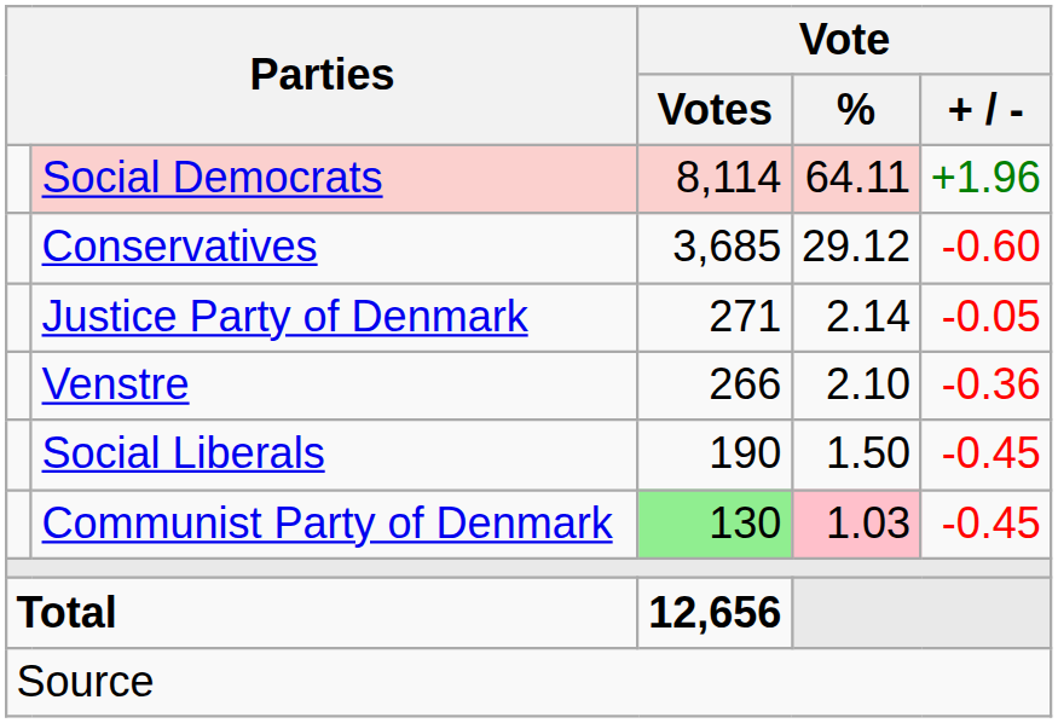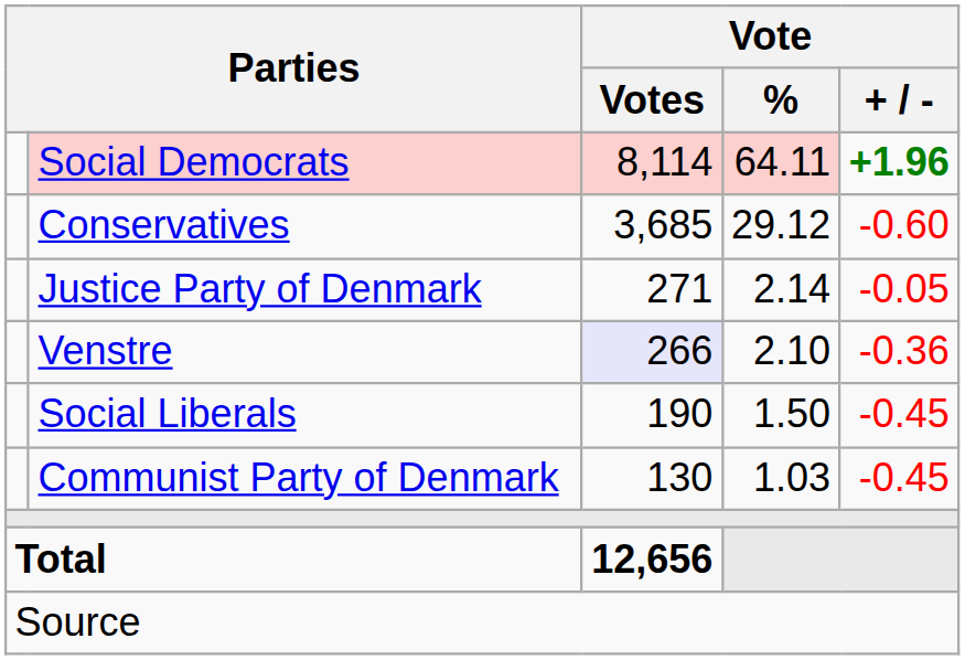 <table class="wikitable" style="text-align:right;">
 <tr>
 <th style="text-align:centre;" rowspan="2" colspan="2" width="225">Parties</th>
 <th colspan="3">Vote</th>
 </tr>
 <tr>
 <th width="15">Votes</th>
 <th width="15">%</th>
 <th width="15">+ / -</th>
 </tr>
 <tr>
 <td width="2" style="color:inherit;background:"></td>
 <td bgcolor=#fbd0ce  align="left"><a href='#'>Social Democrats</a></td>
 <td bgcolor=#fbd0ce>8,114</td>
 <td bgcolor=#fbd0ce>64.11</td>
-<td style=color:green;>+1.96</td>
+<td style=color:green;><strong>+1.96</strong></td>
 </tr>
 <tr>
 <td width="2" style="color:inherit;background:"></td>
 <td align="left"><a href='#'>Conservatives</a></td>
 <td>3,685</td>
 <td>29.12</td>
 <td style=color:red;>-0.60</td>
 </tr>
 <tr>
 <td width="2" style="color:inherit;background:"></td>
 <td align="left"><a href='#'>Justice Party of Denmark</a></td>
 <td>271</td>
 <td>2.14</td>
 <td style=color:red;>-0.05</td>
 </tr>
 <tr>
 <td width="2" style="color:inherit;background:"></td>
 <td align="left"><a href='#'>Venstre</a></td>
-<td>266</td>
+<td style="background: lavender;">266</td>
 <td>2.10</td>
 <td style=color:red;>-0.36</td>
 </tr>
 <tr>
 <td width="2" style="color:inherit;background:"></td>
 <td align="left"><a href='#'>Social Liberals</a></td>
 <td>190</td>
 <td>1.50</td>
 <td style=color:red;>-0.45</td>
 </tr>
 <tr>
 <td width="2" style="color:inherit;background:"></td>
 <td align="left"><a href='#'>Communist Party of Denmark</a></td>
-<td style="background: lightgreen;">130</td>
-<td style="background: pink;">1.03</td>
+<td>130</td>
+<td>1.03</td>
 <td style=color:red;>-0.45</td>
 </tr>
 <tr>
 <td colspan="7" bgcolor="#E9E9E9"></td>
 </tr>
 <tr>
 <td align="left" colspan="2"><strong>Total</strong></td>
 <td><strong>12,656</strong></td>
 <td bgcolor="#E9E9E9" colspan="2"></td>
 </tr>
 <tr>
 <td align="left" colspan="6">Source</td>
 </tr>
 </table>
